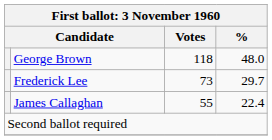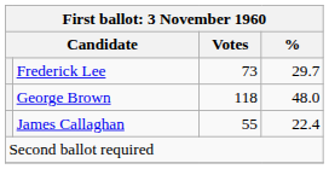 <table class=wikitable style="font-size:95%;">
 <tr>
 <th colspan="4">First ballot: 3 November 1960</th>
 </tr>
 <tr>
 <th colspan="2" style="width: 170px">Candidate</th>
 <th style="width: 52px">Votes</th>
 <th style="width: 52px">%</th>
 </tr>
 <tr>
 <th style="background-color: "></th>
+<td style="width: 170px"><a href='#'>Frederick Lee</a></td>
+<td align="right">73</td>
+<td align="right">29.7</td>
+</tr>
+<tr>
+<th style="background-color: "></th>
 <td style="width: 170px"><a href='#'>George Brown</a></td>
 <td align="right">118</td>
 <td align="right">48.0</td>
-</tr>
-<tr>
-<th style="background-color: "></th>
-<td style="width: 170px"><a href='#'>Frederick Lee</a></td>
-<td align="right">73</td>
-<td align="right">29.7</td>
 </tr>
 <tr>
 <th style="background-color: "></th>
 <td style="width: 170px"><a href='#'>James Callaghan</a></td>
 <td align="right">55</td>
 <td align="right">22.4</td>
 </tr>
 <tr>
 <td colspan="4">Second ballot required</td>
 </tr>
 <tr>
 </tr>
 </table>
